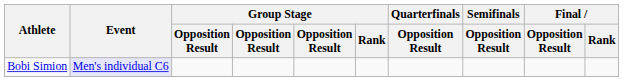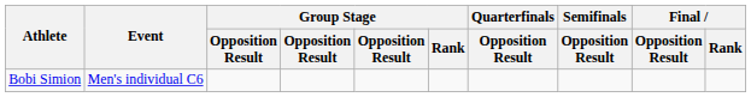 <table class=wikitable style="font-size:90%">
 <tr align=center>
 <th rowspan="2">Athlete</th>
 <th rowspan="2">Event</th>
 <th colspan="4">Group Stage</th>
 <th>Quarterfinals</th>
 <th>Semifinals</th>
 <th colspan="2">Final / </th>
 </tr>
 <tr>
 <th>Opposition<br>Result</th>
 <th>Opposition<br>Result</th>
 <th>Opposition<br>Result</th>
 <th>Rank</th>
 <th>Opposition<br>Result</th>
 <th>Opposition<br>Result</th>
 <th>Opposition<br>Result</th>
 <th>Rank</th>
 </tr>
 <tr align=center>
 <td align=left><a href='#'>Bobi Simion</a></td>
-<td align=left style="background: lavender;"><a href='#'>Men's individual C6</a></td>
+<td align=left><a href='#'>Men's individual C6</a></td>
 <td></td>
 <td></td>
 <td></td>
 <td></td>
 <td></td>
 <td></td>
 <td></td>
 <td></td>
 </tr>
 </table>
